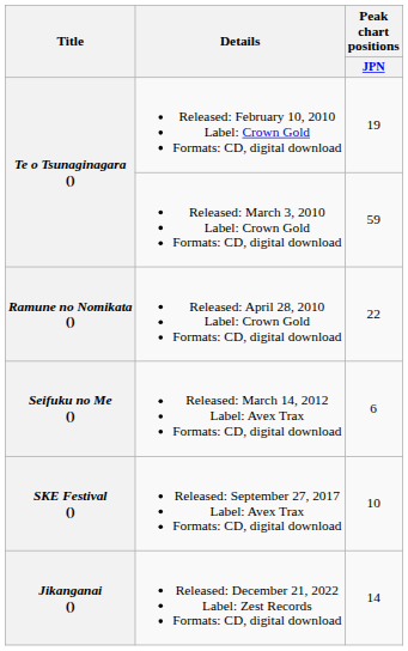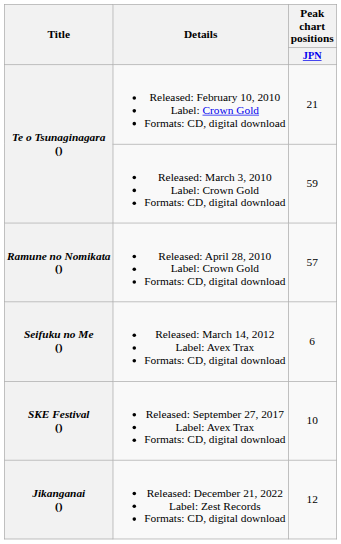 <table class="wikitable plainrowheaders" style="text-align:center;">
 <tr>
 <th rowspan="2">Title</th>
 <th rowspan="2">Details</th>
 <th colspan="1">Peak chart positions</th>
 </tr>
 <tr>
 <th style="width:3em;font-size:90%;"><a href='#'>JPN</a><br></th>
 </tr>
 <tr>
 <th scope="row" rowspan=2><em>Te o Tsunaginagara</em><br>()</th>
 <td><br><ul><li>Released: February 10, 2010 </li><li>Label: <a href='#'>Crown Gold</a></li><li>Formats: CD, digital download</li></ul></td>
-<td>19</td>
+<td>21</td>
 </tr>
 <tr>
 <td><br><ul><li>Released: March 3, 2010 </li><li>Label: Crown Gold</li><li>Formats: CD, digital download</li></ul></td>
 <td>59</td>
 </tr>
 <tr>
 <th scope="row"><em>Ramune no Nomikata</em><br>()</th>
 <td><br><ul><li>Released: April 28, 2010 </li><li>Label: Crown Gold</li><li>Formats: CD, digital download</li></ul></td>
-<td>22</td>
+<td>57</td>
 </tr>
 <tr>
 <th scope="row"><em>Seifuku no Me</em><br>()</th>
 <td><br><ul><li>Released: March 14, 2012 </li><li>Label: Avex Trax</li><li>Formats: CD, digital download</li></ul></td>
 <td>6</td>
 </tr>
 <tr>
 <th scope="row"><em>SKE Festival</em><br>()</th>
 <td><br><ul><li>Released: September 27, 2017 </li><li>Label: Avex Trax</li><li>Formats: CD, digital download</li></ul></td>
 <td>10</td>
 </tr>
 <tr>
 <th scope="row"><em>Jikanganai</em><br>()</th>
 <td><br><ul><li>Released: December 21, 2022 </li><li>Label: Zest Records</li><li>Formats: CD, digital download</li></ul></td>
-<td>14</td>
+<td>12</td>
 </tr>
 </table>
